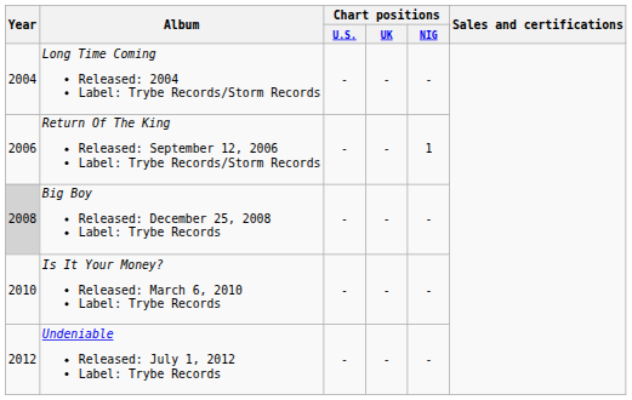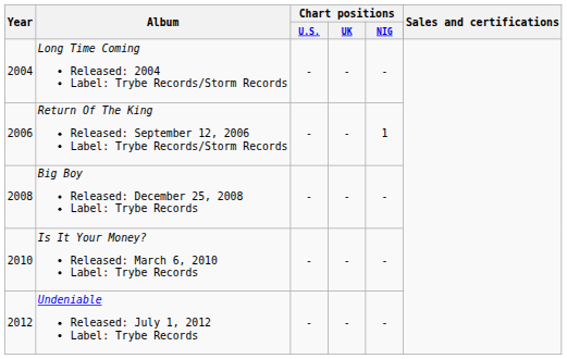 <table class="wikitable">
 <tr>
 <th rowspan="2">Year</th>
 <th rowspan="2">Album</th>
 <th colspan="6">Chart positions</th>
 <th rowspan="2">Sales and certifications</th>
 </tr>
 <tr>
 <th align="center" width="40"><small><a href='#'>U.S.</a></small></th>
 <th align="center" width="40"><small><a href='#'>UK</a></small></th>
 <th align="center" width="40"><small><a href='#'>NIG</a></small></th>
 </tr>
 <tr>
 <td>2004</td>
 <td><em>Long Time Coming</em><br><ul><li>Released: 2004</li><li>Label: Trybe Records/Storm Records</li></ul></td>
 <td align="center">-</td>
 <td align="center">-</td>
 <td align="center">-</td>
 </tr>
 <tr>
 <td>2006</td>
 <td><em>Return Of The King</em><br><ul><li>Released: September 12, 2006</li><li>Label: Trybe Records/Storm Records</li></ul></td>
 <td align="center">-</td>
 <td align="center">-</td>
 <td align="center">1</td>
 </tr>
 <tr>
-<td style="background: lightgrey;">2008</td>
+<td>2008</td>
 <td><em>Big Boy</em><br><ul><li>Released: December 25, 2008</li><li>Label: Trybe Records</li></ul></td>
 <td align="center">-</td>
 <td align="center">-</td>
 <td align="center">-</td>
 </tr>
 <tr>
 <td>2010</td>
 <td><em>Is It Your Money?</em><br><ul><li>Released: March 6, 2010</li><li>Label: Trybe Records</li></ul></td>
 <td align="center">-</td>
 <td align="center">-</td>
 <td align="center">-</td>
 </tr>
 <tr>
 <td>2012</td>
 <td><em><a href='#'>Undeniable</a></em><br><ul><li>Released: July 1, 2012</li><li>Label: Trybe Records</li></ul></td>
 <td align="center">-</td>
 <td align="center">-</td>
 <td align="center">-</td>
 </tr>
 </table>
